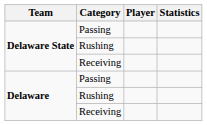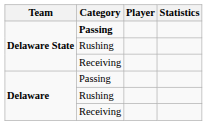 <table class="wikitable" style="float: right;">
 <tr>
 <th>Team</th>
 <th>Category</th>
 <th>Player</th>
 <th>Statistics</th>
 </tr>
 <tr>
 <td rowspan=3><strong>Delaware State</strong></td>
-<td>Passing</td>
+<td><strong>Passing</strong></td>
 <td></td>
 <td></td>
 </tr>
 <tr>
 <td>Rushing</td>
 <td></td>
 <td></td>
 </tr>
 <tr>
 <td>Receiving</td>
 <td></td>
 <td></td>
 </tr>
 <tr>
 <td rowspan=3><strong>Delaware</strong></td>
 <td>Passing</td>
 <td></td>
 <td></td>
 </tr>
 <tr>
 <td>Rushing</td>
 <td></td>
 <td></td>
 </tr>
 <tr>
 <td>Receiving</td>
 <td></td>
 <td></td>
 </tr>
 </table>
